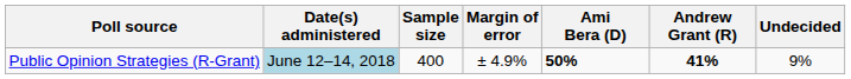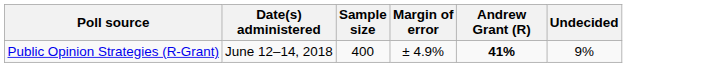 <table class="wikitable">
 <tr>
 <th>Poll source</th>
 <th>Date(s)<br>administered</th>
 <th>Sample<br>size</th>
 <th>Margin of<br>error</th>
-<th style="width:100px;">Ami<br>Bera (D)</th>
 <th style="width:100px;">Andrew<br>Grant (R)</th>
 <th>Undecided</th>
 </tr>
 <tr>
 <td><a href='#'>Public Opinion Strategies (R-Grant)</a></td>
-<td style="background: lightblue; text-align:center">June 12–14, 2018</td>
+<td style="text-align:center">June 12–14, 2018</td>
 <td style="text-align:center">400</td>
 <td style="text-align:center">± 4.9%</td>
-<td style="background-color:"><strong>50%</strong></td>
 <td style="text-align:center"><strong>41%</strong></td>
 <td style="text-align:center">9%</td>
 </tr>
 </table>
